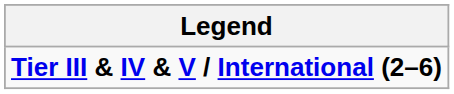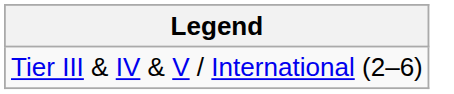 <table class="wikitable" style=font-size:90%>
 <tr>
 <th><strong>Legend</strong></th>
 </tr>
 <tr>
-<td><strong><a href='#'>Tier III</a> & <a href='#'>IV</a> & <a href='#'>V</a> / <a href='#'>International</a> (2–6)</strong></td>
+<td><a href='#'>Tier III</a> & <a href='#'>IV</a> & <a href='#'>V</a> / <a href='#'>International</a> (2–6)</td>
 </tr>
 </table>
